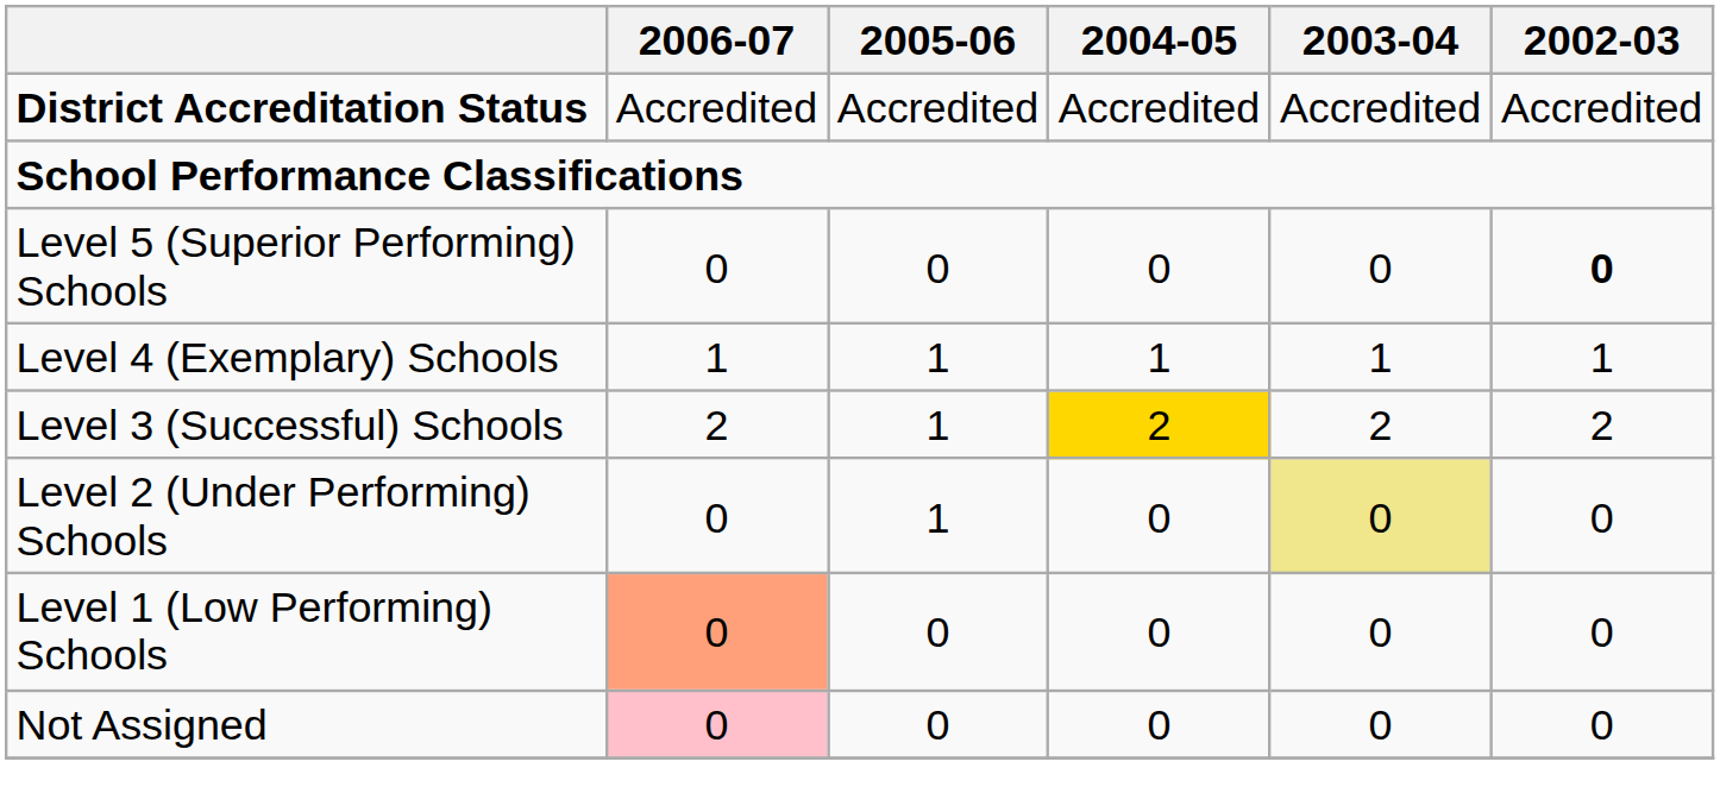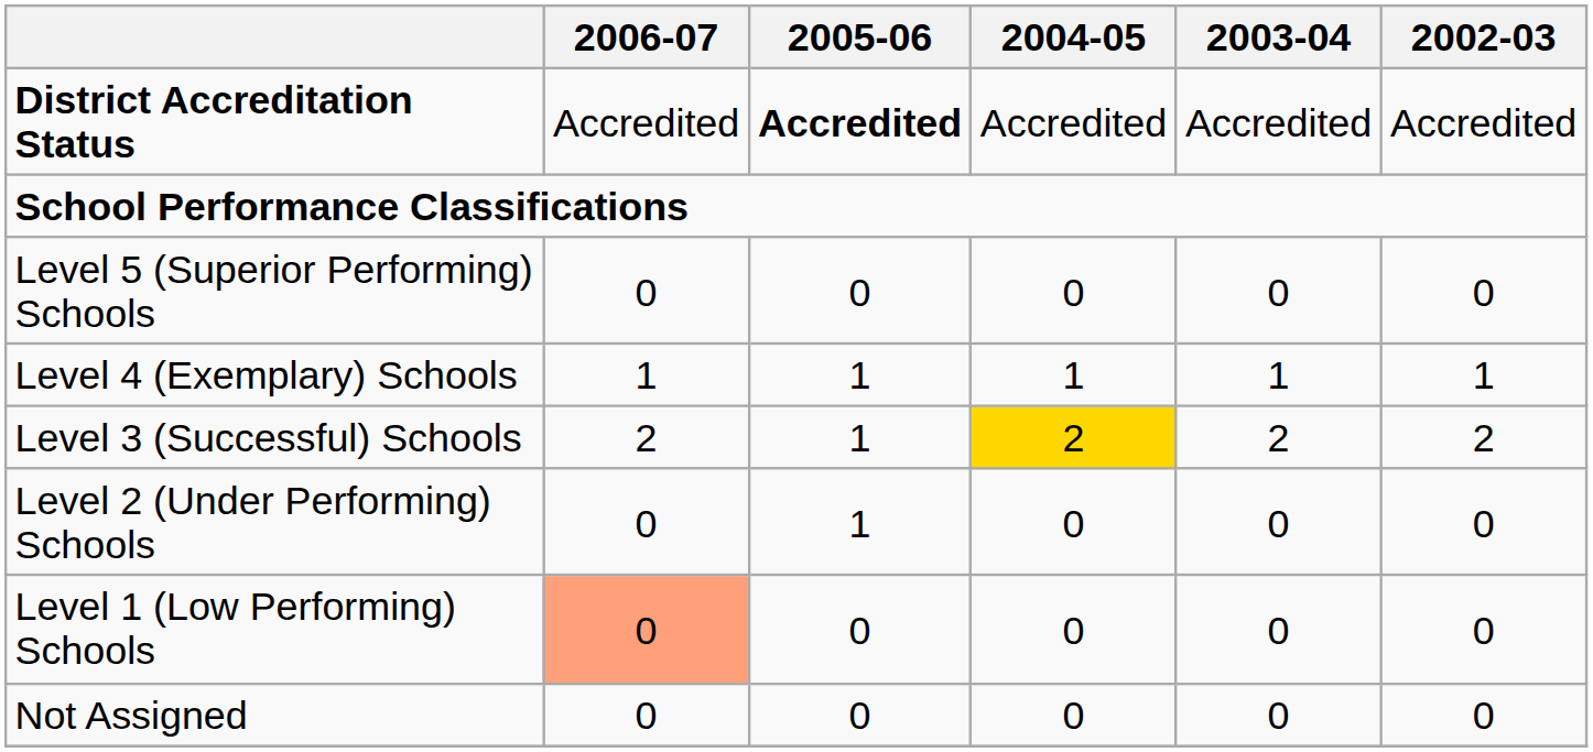 <table class="wikitable" style="font-size: 95%;">
 <tr>
 <th></th>
 <th>2006-07</th>
 <th>2005-06</th>
 <th>2004-05</th>
 <th>2003-04</th>
 <th>2002-03</th>
 </tr>
 <tr>
 <td align="left"><strong>District Accreditation Status</strong></td>
 <td align="center">Accredited</td>
-<td align="center">Accredited</td>
+<td align="center"><strong>Accredited</strong></td>
 <td align="center">Accredited</td>
 <td align="center">Accredited</td>
 <td align="center">Accredited</td>
 </tr>
 <tr>
 <td align="left" colspan="6"><strong>School Performance Classifications</strong></td>
 </tr>
 <tr>
 <td align="left">Level 5 (Superior Performing) Schools</td>
 <td align="center">0</td>
 <td align="center">0</td>
 <td align="center">0</td>
 <td align="center">0</td>
-<td align="center"><strong>0</strong></td>
+<td align="center">0</td>
 </tr>
 <tr>
 <td align="left">Level 4 (Exemplary) Schools</td>
 <td align="center">1</td>
 <td align="center">1</td>
 <td align="center">1</td>
 <td align="center">1</td>
 <td align="center">1</td>
 </tr>
 <tr>
 <td align="left">Level 3 (Successful) Schools</td>
 <td align="center">2</td>
 <td align="center">1</td>
 <td align="center" style="background: gold;">2</td>
 <td align="center">2</td>
 <td align="center">2</td>
 </tr>
 <tr>
 <td align="left">Level 2 (Under Performing) Schools</td>
 <td align="center">0</td>
 <td align="center">1</td>
 <td align="center">0</td>
-<td align="center" style="background: khaki;">0</td>
+<td align="center">0</td>
 <td align="center">0</td>
 </tr>
 <tr>
 <td align="left">Level 1 (Low Performing) Schools</td>
 <td align="center" style="background: lightsalmon;">0</td>
 <td align="center">0</td>
 <td align="center">0</td>
 <td align="center">0</td>
 <td align="center">0</td>
 </tr>
 <tr>
 <td align="left">Not Assigned</td>
-<td align="center" style="background: pink;">0</td>
+<td align="center">0</td>
 <td align="center">0</td>
 <td align="center">0</td>
 <td align="center">0</td>
 <td align="center">0</td>
 </tr>
 <tr>
 </tr>
 </table>
